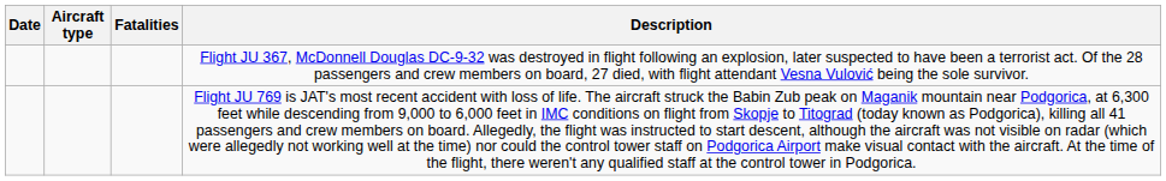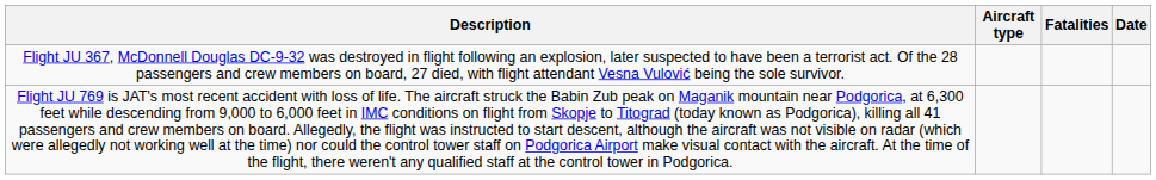 <table class="wikitable">
 <tr>
-<th>Date</th>
+<th>Description</th>
 <th>Aircraft type</th>
 <th>Fatalities</th>
-<th>Description</th>
+<th>Date</th>
 </tr>
 <tr>
-<td></td>
+<td style="text-align:center;"><a href='#'>Flight JU 367</a>, <a href='#'>McDonnell Douglas DC-9-32</a> was destroyed in flight following an explosion, later suspected to have been a terrorist act. Of the 28 passengers and crew members on board, 27 died, with flight attendant <a href='#'>Vesna Vulović</a> being the sole survivor.</td>
 <td></td>
 <td align=center></td>
-<td style="text-align:center;"><a href='#'>Flight JU 367</a>, <a href='#'>McDonnell Douglas DC-9-32</a> was destroyed in flight following an explosion, later suspected to have been a terrorist act. Of the 28 passengers and crew members on board, 27 died, with flight attendant <a href='#'>Vesna Vulović</a> being the sole survivor.</td>
+<td></td>
 </tr>
 <tr>
-<td nowrap></td>
+<td style="text-align:center;"><a href='#'>Flight JU 769</a> is JAT's most recent accident with loss of life. The aircraft struck the Babin Zub peak on <a href='#'>Maganik</a> mountain near <a href='#'>Podgorica</a>, at 6,300 feet while descending from 9,000 to 6,000 feet in <a href='#'>IMC</a> conditions on flight from <a href='#'>Skopje</a> to <a href='#'>Titograd</a> (today known as Podgorica), killing all 41 passengers and crew members on board. Allegedly, the flight was instructed to start descent, although the aircraft was not visible on radar (which were allegedly not working well at the time) nor could the control tower staff on <a href='#'>Podgorica Airport</a> make visual contact with the aircraft. At the time of the flight, there weren't any qualified staff at the control tower in Podgorica.</td>
 <td></td>
 <td align=center></td>
-<td style="text-align:center;"><a href='#'>Flight JU 769</a> is JAT's most recent accident with loss of life. The aircraft struck the Babin Zub peak on <a href='#'>Maganik</a> mountain near <a href='#'>Podgorica</a>, at 6,300 feet while descending from 9,000 to 6,000 feet in <a href='#'>IMC</a> conditions on flight from <a href='#'>Skopje</a> to <a href='#'>Titograd</a> (today known as Podgorica), killing all 41 passengers and crew members on board. Allegedly, the flight was instructed to start descent, although the aircraft was not visible on radar (which were allegedly not working well at the time) nor could the control tower staff on <a href='#'>Podgorica Airport</a> make visual contact with the aircraft. At the time of the flight, there weren't any qualified staff at the control tower in Podgorica.</td>
+<td nowrap></td>
 </tr>
 </table>
